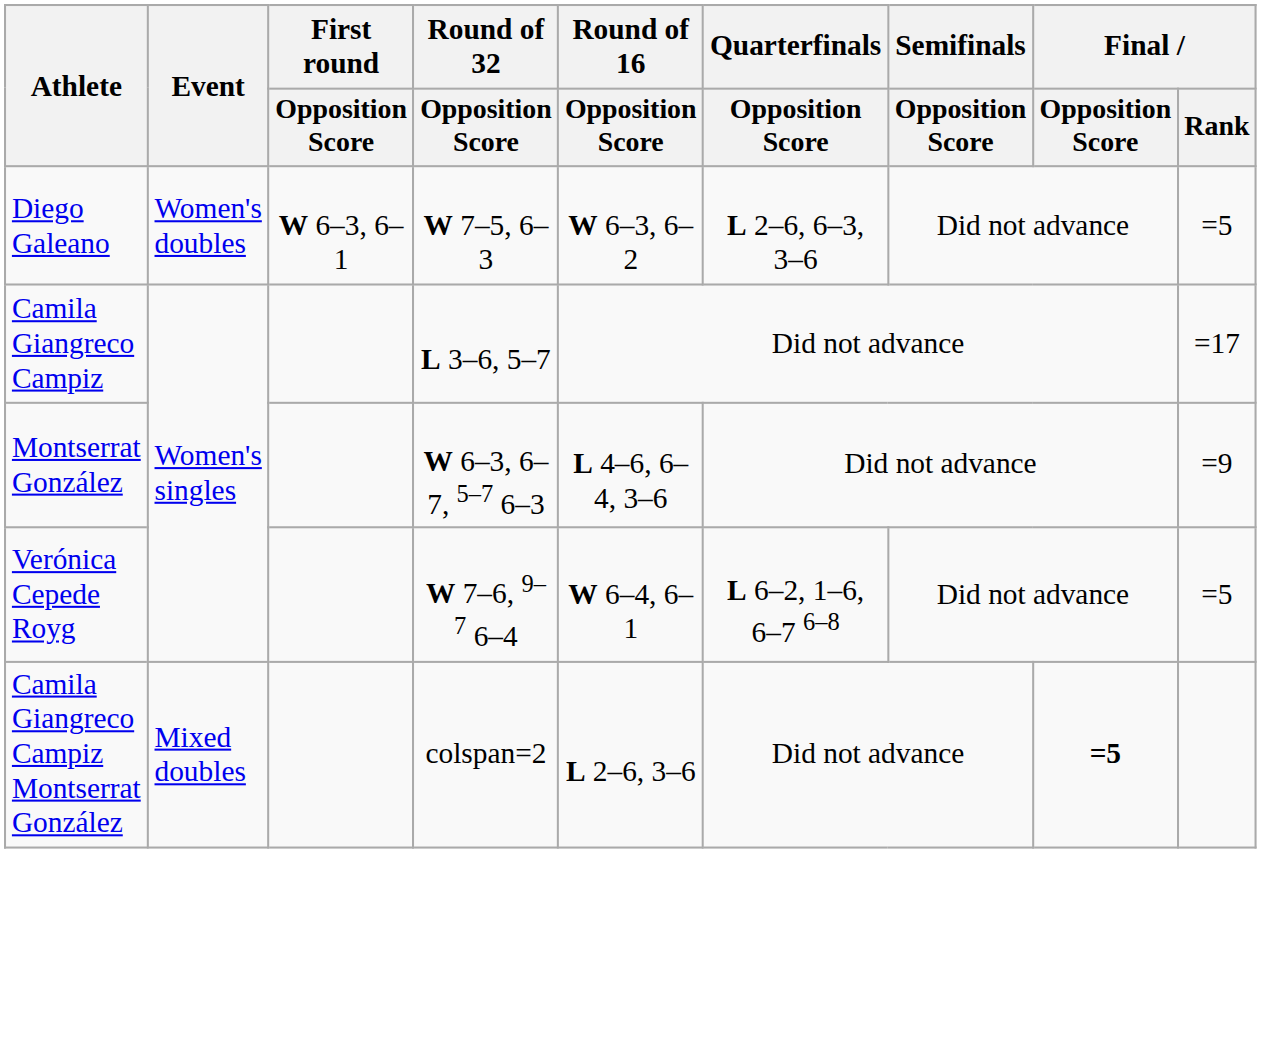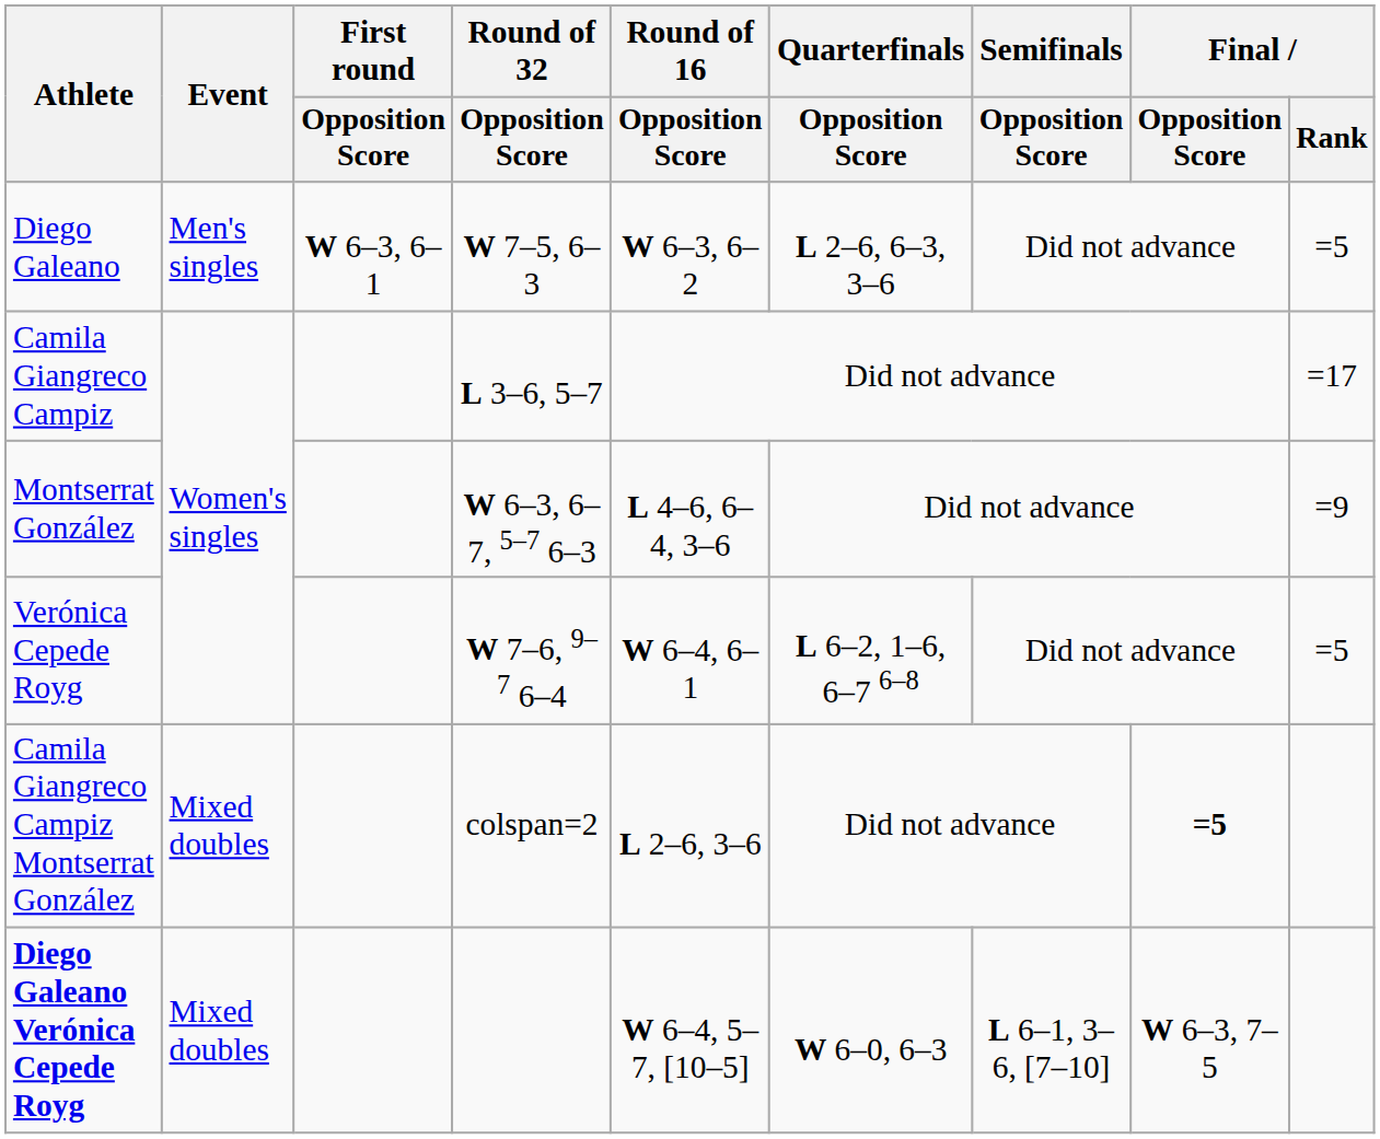 <table class=wikitable style="font-size:90%">
 <tr>
 <th rowspan="2">Athlete</th>
 <th rowspan="2">Event</th>
 <th>First round</th>
 <th>Round of 32</th>
 <th>Round of 16</th>
 <th>Quarterfinals</th>
 <th>Semifinals</th>
 <th colspan=2>Final / </th>
 </tr>
 <tr style="font-size:95%">
 <th>Opposition<br>Score</th>
 <th>Opposition<br>Score</th>
 <th>Opposition<br>Score</th>
 <th>Opposition<br>Score</th>
 <th>Opposition<br>Score</th>
 <th>Opposition<br>Score</th>
 <th>Rank</th>
 </tr>
 <tr align=center>
 <td align=left><a href='#'>Diego Galeano</a></td>
-<td align=left><a href='#'>Women's doubles</a></td>
+<td align=left><a href='#'>Men's singles</a></td>
 <td><br><strong>W</strong> 6–3, 6–1</td>
 <td><br><strong>W</strong> 7–5, 6–3</td>
 <td><br><strong>W</strong> 6–3, 6–2</td>
 <td><br><strong>L</strong> 2–6, 6–3, 3–6</td>
 <td colspan=2>Did not advance</td>
 <td>=5</td>
 </tr>
 <tr align=center>
 <td align=left><a href='#'>Camila Giangreco Campiz</a></td>
 <td align=left rowspan=3><a href='#'>Women's singles</a></td>
 <td></td>
 <td><br><strong>L</strong> 3–6, 5–7</td>
 <td colspan=4>Did not advance</td>
 <td>=17</td>
 </tr>
 <tr align=center>
 <td align=left><a href='#'>Montserrat González</a></td>
 <td></td>
 <td><br><strong>W</strong> 6–3, 6–7, <sup>5–7</sup> 6–3</td>
 <td><br><strong>L</strong> 4–6, 6–4, 3–6</td>
 <td colspan=3>Did not advance</td>
 <td>=9</td>
 </tr>
 <tr align=center>
 <td align=left><a href='#'>Verónica Cepede Royg</a></td>
 <td></td>
 <td><br><strong>W</strong> 7–6, <sup>9–7</sup> 6–4</td>
 <td><br><strong>W</strong> 6–4, 6–1</td>
 <td><br><strong>L</strong> 6–2, 1–6, 6–7 <sup>6–8</sup></td>
 <td colspan=2>Did not advance</td>
 <td>=5</td>
 </tr>
 <tr align=center>
 <td align=left><a href='#'>Camila Giangreco Campiz</a><br><a href='#'>Montserrat González</a></td>
 <td align=left><a href='#'>Mixed doubles</a></td>
 <td></td>
 <td>colspan=2 </td>
 <td><br><strong>L</strong> 2–6, 3–6</td>
 <td colspan=2>Did not advance</td>
 <td><strong>=5</strong></td>
 </tr>
+<tr align=center>
+<td align=left><strong><a href='#'>Diego Galeano</a><br><a href='#'>Verónica Cepede Royg</a></strong></td>
+<td align=left><a href='#'>Mixed doubles</a></td>
+<td></td>
+<td></td>
+<td><br><strong>W</strong> 6–4, 5–7, [10–5]</td>
+<td><br><strong>W</strong> 6–0, 6–3</td>
+<td><br><strong>L</strong> 6–1, 3–6, [7–10]</td>
+<td><br><strong>W</strong> 6–3, 7–5</td>
+<td></td>
+</tr>
 </table>
